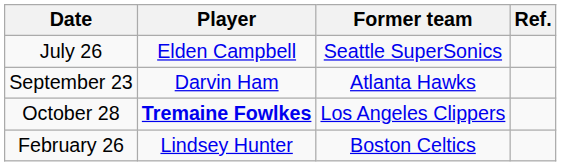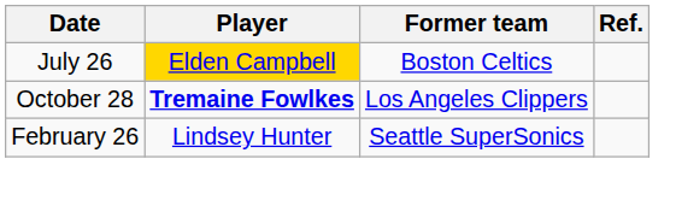 <table class="wikitable sortable sortable" style="text-align: center">
 <tr>
 <th>Date</th>
 <th>Player</th>
 <th>Former team</th>
 <th>Ref.</th>
 </tr>
 <tr style="text-align: center">
 <td>July 26</td>
-<td><a href='#'>Elden Campbell</a></td>
-<td><a href='#'>Seattle SuperSonics</a></td>
-<td></td>
-</tr>
-<tr style="text-align: center">
-<td>September 23</td>
-<td><a href='#'>Darvin Ham</a></td>
-<td><a href='#'>Atlanta Hawks</a></td>
+<td style="background: gold;"><a href='#'>Elden Campbell</a></td>
+<td><a href='#'>Boston Celtics</a></td>
 <td></td>
 </tr>
 <tr style="text-align: center">
 <td>October 28</td>
 <td><strong><a href='#'>Tremaine Fowlkes</a></strong></td>
 <td><a href='#'>Los Angeles Clippers</a></td>
 <td></td>
 </tr>
 <tr style="text-align: center">
 <td>February 26</td>
 <td><a href='#'>Lindsey Hunter</a></td>
-<td><a href='#'>Boston Celtics</a></td>
+<td><a href='#'>Seattle SuperSonics</a></td>
 <td></td>
 </tr>
 </table>
